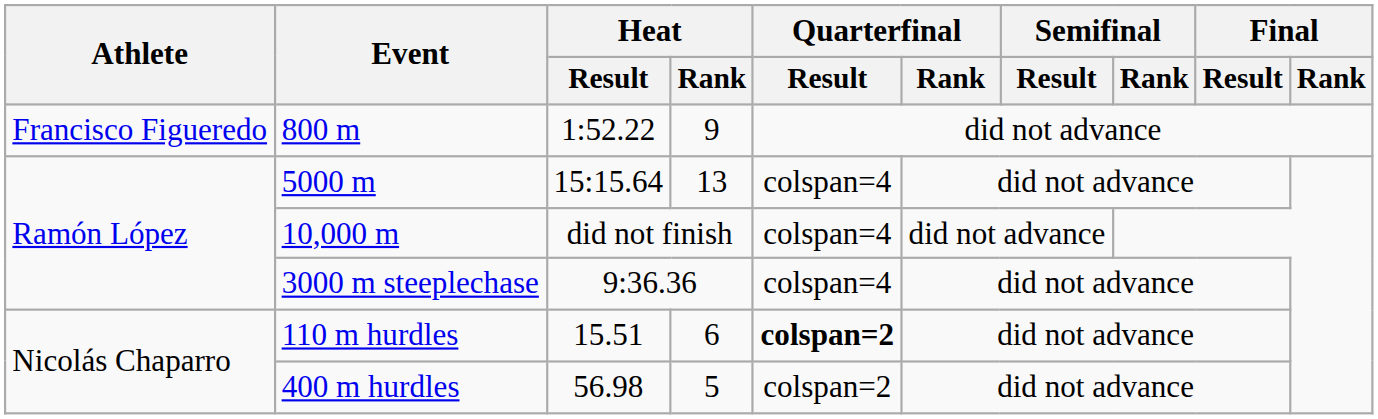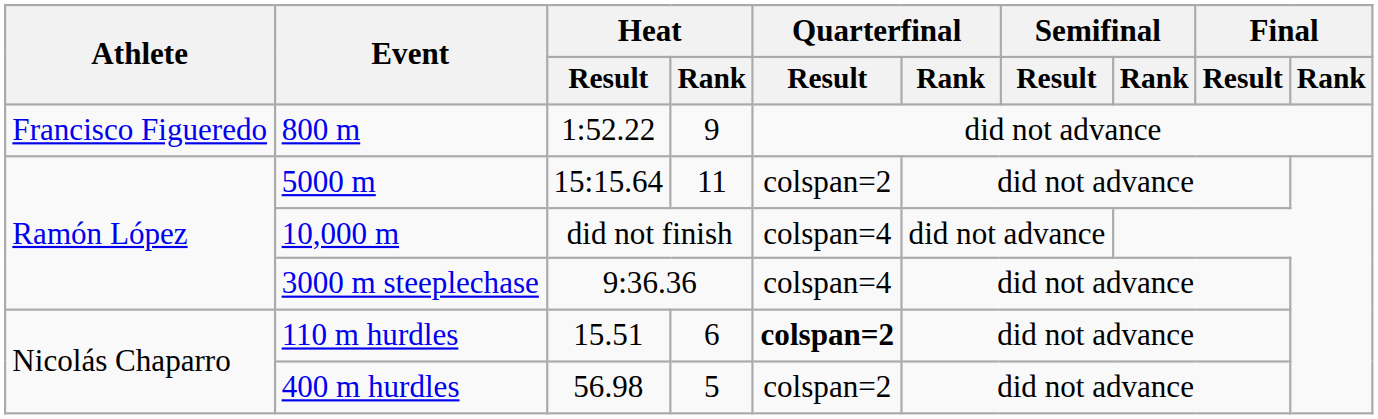 <table class=wikitable style="font-size:90%">
 <tr>
 <th rowspan="2">Athlete</th>
 <th rowspan="2">Event</th>
 <th colspan="2">Heat</th>
 <th colspan="2">Quarterfinal</th>
 <th colspan="2">Semifinal</th>
 <th colspan="2">Final</th>
 </tr>
 <tr style="font-size:95%">
 <th>Result</th>
 <th>Rank</th>
 <th>Result</th>
 <th>Rank</th>
 <th>Result</th>
 <th>Rank</th>
 <th>Result</th>
 <th>Rank</th>
 </tr>
 <tr align=center>
 <td align=left><a href='#'>Francisco Figueredo</a></td>
 <td align=left><a href='#'>800 m</a></td>
 <td>1:52.22</td>
 <td>9</td>
 <td colspan=6>did not advance</td>
 </tr>
 <tr align=center>
 <td align=left rowspan=3><a href='#'>Ramón López</a></td>
 <td align=left><a href='#'>5000 m</a></td>
 <td>15:15.64</td>
-<td>13</td>
-<td>colspan=4 </td>
+<td>11</td>
+<td>colspan=2 </td>
 <td colspan=4>did not advance</td>
 </tr>
 <tr align=center>
 <td align=left><a href='#'>10,000 m</a></td>
 <td colspan=2>did not finish</td>
 <td>colspan=4 </td>
 <td colspan=2>did not advance</td>
 </tr>
 <tr align=center>
 <td align=left><a href='#'>3000 m steeplechase</a></td>
 <td colspan=2>9:36.36</td>
 <td>colspan=4 </td>
 <td colspan=4>did not advance</td>
 </tr>
 <tr align=center>
 <td align=left rowspan=2>Nicolás Chaparro</td>
 <td align=left><a href='#'>110 m hurdles</a></td>
 <td>15.51</td>
 <td>6</td>
 <td><strong>colspan=2 </strong></td>
 <td colspan=4>did not advance</td>
 </tr>
 <tr align=center>
 <td align=left><a href='#'>400 m hurdles</a></td>
 <td>56.98</td>
 <td>5</td>
 <td>colspan=2 </td>
 <td colspan=4>did not advance</td>
 </tr>
 </table>
